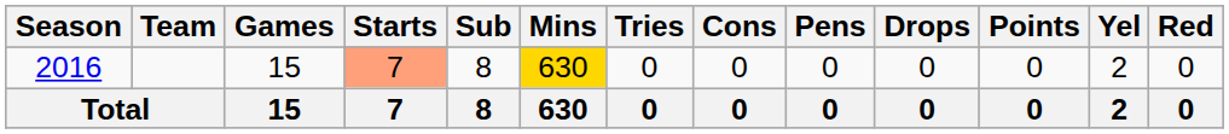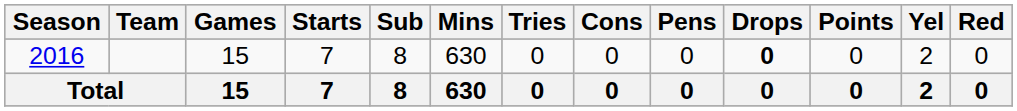 <table class="wikitable" style="text-align:center; line-height:90%; font-size:95%; width:70%;">
 <tr>
 <th>Season</th>
 <th>Team</th>
 <th>Games</th>
 <th>Starts</th>
 <th>Sub</th>
 <th>Mins</th>
 <th>Tries</th>
 <th>Cons</th>
 <th>Pens</th>
 <th>Drops</th>
 <th>Points</th>
 <th>Yel</th>
 <th>Red</th>
 </tr>
 <tr>
 <td><a href='#'>2016</a></td>
 <td></td>
 <td>15</td>
-<td style="background: lightsalmon;">7</td>
+<td>7</td>
 <td>8</td>
-<td style="background: gold;">630</td>
+<td>630</td>
 <td>0</td>
 <td>0</td>
 <td>0</td>
-<td>0</td>
+<td><strong>0</strong></td>
 <td>0</td>
 <td>2</td>
 <td>0</td>
 </tr>
 <tr>
 <th colspan="2">Total</th>
 <th>15</th>
 <th>7</th>
 <th>8</th>
 <th>630</th>
 <th>0</th>
 <th>0</th>
 <th>0</th>
 <th>0</th>
 <th>0</th>
 <th>2</th>
 <th>0</th>
 </tr>
 </table>
